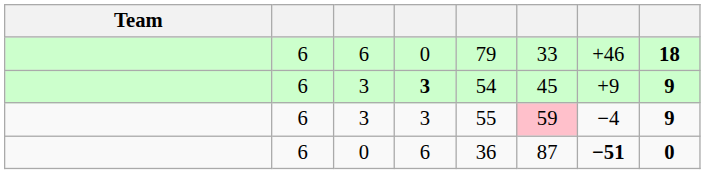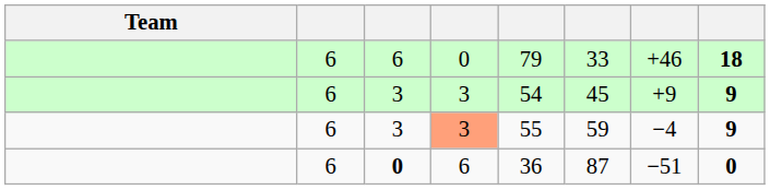 <table class=wikitable style="text-align:center">
 <tr>
 <th width=200>Team</th>
 <th width=40></th>
 <th width=40></th>
 <th width=40></th>
 <th width=40></th>
 <th width=40></th>
 <th width=40></th>
 <th width=40></th>
 </tr>
 <tr bgcolor=ccffcc>
 <td align=left></td>
 <td>6</td>
 <td>6</td>
 <td>0</td>
 <td>79</td>
 <td>33</td>
 <td>+46</td>
 <td><strong>18</strong></td>
 </tr>
 <tr bgcolor=ccffcc>
 <td align=left></td>
 <td>6</td>
 <td>3</td>
-<td><strong>3</strong></td>
+<td>3</td>
 <td>54</td>
 <td>45</td>
 <td>+9</td>
 <td><strong>9</strong></td>
 </tr>
 <tr>
 <td align=left></td>
 <td>6</td>
 <td>3</td>
-<td>3</td>
+<td style="background: lightsalmon;">3</td>
 <td>55</td>
-<td style="background: pink;">59</td>
+<td>59</td>
 <td>−4</td>
 <td><strong>9</strong></td>
 </tr>
 <tr>
 <td align=left></td>
 <td>6</td>
-<td>0</td>
+<td><strong>0</strong></td>
 <td>6</td>
 <td>36</td>
 <td>87</td>
-<td><strong>−51</strong></td>
+<td>−51</td>
 <td><strong>0</strong></td>
 </tr>
 </table>
